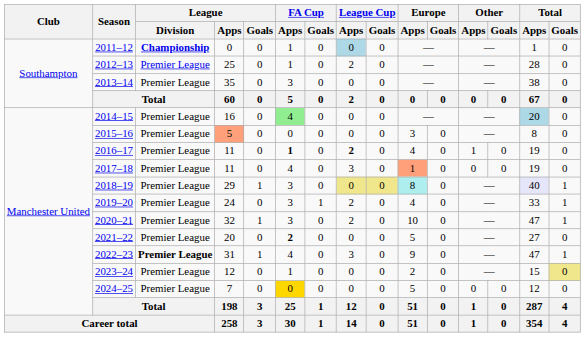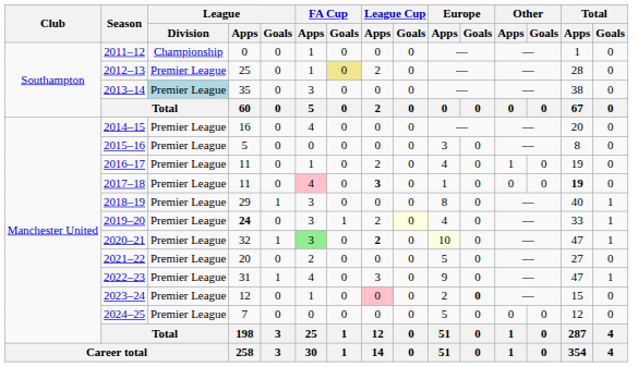 <table class="wikitable" style="text-align: center;">
 <tr>
 <th rowspan="2">Club</th>
 <th rowspan="2">Season</th>
 <th colspan="3">League</th>
 <th colspan="2"><a href='#'>FA Cup</a></th>
 <th colspan="2"><a href='#'>League Cup</a></th>
 <th colspan="2">Europe</th>
 <th colspan="2">Other</th>
 <th colspan="2">Total</th>
 </tr>
 <tr>
 <th>Division</th>
 <th>Apps</th>
 <th>Goals</th>
 <th>Apps</th>
 <th>Goals</th>
 <th>Apps</th>
 <th>Goals</th>
 <th>Apps</th>
 <th>Goals</th>
 <th>Apps</th>
 <th>Goals</th>
 <th>Apps</th>
 <th>Goals</th>
 </tr>
 <tr>
 <td rowspan="4"><a href='#'>Southampton</a></td>
 <td><a href='#'>2011–12</a></td>
-<td><strong><a href='#'>Championship</a></strong></td>
+<td><a href='#'>Championship</a></td>
 <td>0</td>
 <td>0</td>
 <td>1</td>
 <td>0</td>
-<td style="background: lightblue;">0</td>
+<td>0</td>
 <td>0</td>
 <td colspan="2">—</td>
 <td colspan="2">—</td>
 <td>1</td>
 <td>0</td>
 </tr>
 <tr>
 <td><a href='#'>2012–13</a></td>
 <td><a href='#'>Premier League</a></td>
 <td>25</td>
 <td>0</td>
 <td>1</td>
-<td>0</td>
+<td style="background: khaki;">0</td>
 <td>2</td>
 <td>0</td>
 <td colspan="2">—</td>
 <td colspan="2">—</td>
 <td>28</td>
 <td>0</td>
 </tr>
 <tr>
 <td><a href='#'>2013–14</a></td>
-<td>Premier League</td>
+<td style="background: lightblue;">Premier League</td>
 <td>35</td>
 <td>0</td>
 <td>3</td>
 <td>0</td>
 <td>0</td>
 <td>0</td>
 <td colspan="2">—</td>
 <td colspan="2">—</td>
 <td>38</td>
 <td>0</td>
 </tr>
 <tr>
 <th colspan="2">Total</th>
 <th>60</th>
 <th>0</th>
 <th>5</th>
 <th>0</th>
 <th>2</th>
 <th>0</th>
 <th>0</th>
 <th>0</th>
 <th>0</th>
 <th>0</th>
 <th>67</th>
 <th>0</th>
 </tr>
 <tr>
 <td rowspan="12"><a href='#'>Manchester United</a></td>
 <td><a href='#'>2014–15</a></td>
 <td>Premier League</td>
 <td>16</td>
 <td>0</td>
-<td style="background: lightgreen;">4</td>
+<td>4</td>
 <td>0</td>
 <td>0</td>
 <td>0</td>
 <td colspan="2">—</td>
 <td colspan="2">—</td>
-<td style="background: lightblue;">20</td>
+<td>20</td>
 <td>0</td>
 </tr>
 <tr>
 <td><a href='#'>2015–16</a></td>
 <td>Premier League</td>
-<td style="background: lightsalmon;">5</td>
+<td>5</td>
 <td>0</td>
 <td>0</td>
 <td>0</td>
 <td>0</td>
 <td>0</td>
 <td>3</td>
 <td>0</td>
 <td colspan="2">—</td>
 <td>8</td>
 <td>0</td>
 </tr>
 <tr>
 <td><a href='#'>2016–17</a></td>
 <td>Premier League</td>
 <td>11</td>
 <td>0</td>
-<td><strong>1</strong></td>
+<td>1</td>
 <td>0</td>
-<td><strong>2</strong></td>
+<td>2</td>
 <td>0</td>
 <td>4</td>
 <td>0</td>
 <td>1</td>
 <td>0</td>
 <td>19</td>
 <td>0</td>
 </tr>
 <tr>
 <td><a href='#'>2017–18</a></td>
 <td>Premier League</td>
 <td>11</td>
 <td>0</td>
-<td>4</td>
+<td style="background: pink;">4</td>
 <td>0</td>
-<td>3</td>
+<td><strong>3</strong></td>
 <td>0</td>
-<td style="background: lightsalmon;">1</td>
+<td>1</td>
 <td>0</td>
 <td>0</td>
 <td>0</td>
-<td>19</td>
+<td><strong>19</strong></td>
 <td>0</td>
 </tr>
 <tr>
 <td><a href='#'>2018–19</a></td>
 <td>Premier League</td>
 <td>29</td>
 <td>1</td>
 <td>3</td>
 <td>0</td>
-<td style="background: khaki;">0</td>
-<td style="background: khaki;">0</td>
-<td style="background: paleturquoise;">8</td>
+<td>0</td>
+<td>0</td>
+<td>8</td>
 <td>0</td>
 <td colspan="2">—</td>
-<td style="background: lavender;">40</td>
+<td>40</td>
 <td>1</td>
 </tr>
 <tr>
 <td><a href='#'>2019–20</a></td>
 <td>Premier League</td>
-<td>24</td>
+<td><strong>24</strong></td>
 <td>0</td>
 <td>3</td>
 <td>1</td>
 <td>2</td>
-<td>0</td>
+<td style="background: lightyellow;">0</td>
 <td>4</td>
 <td>0</td>
 <td colspan="2">—</td>
 <td>33</td>
 <td>1</td>
 </tr>
 <tr>
 <td><a href='#'>2020–21</a></td>
 <td>Premier League</td>
 <td>32</td>
 <td>1</td>
-<td>3</td>
+<td style="background: lightgreen;">3</td>
 <td>0</td>
-<td>2</td>
+<td><strong>2</strong></td>
 <td>0</td>
-<td>10</td>
+<td style="background: lightyellow;">10</td>
 <td>0</td>
 <td colspan="2">—</td>
 <td>47</td>
 <td>1</td>
 </tr>
 <tr>
 <td><a href='#'>2021–22</a></td>
 <td>Premier League</td>
 <td>20</td>
 <td>0</td>
-<td><strong>2</strong></td>
+<td>2</td>
 <td>0</td>
 <td>0</td>
 <td>0</td>
 <td>5</td>
 <td>0</td>
 <td colspan="2">—</td>
 <td>27</td>
 <td>0</td>
 </tr>
 <tr>
 <td><a href='#'>2022–23</a></td>
-<td><strong>Premier League</strong></td>
+<td>Premier League</td>
 <td>31</td>
 <td>1</td>
 <td>4</td>
 <td>0</td>
 <td>3</td>
 <td>0</td>
 <td>9</td>
 <td>0</td>
 <td colspan="2">—</td>
 <td>47</td>
 <td>1</td>
 </tr>
 <tr>
 <td><a href='#'>2023–24</a></td>
 <td>Premier League</td>
 <td>12</td>
 <td>0</td>
 <td>1</td>
 <td>0</td>
-<td>0</td>
+<td style="background: pink;">0</td>
 <td>0</td>
 <td>2</td>
-<td>0</td>
+<td><strong>0</strong></td>
 <td colspan="2">—</td>
 <td>15</td>
-<td style="background: khaki;">0</td>
+<td>0</td>
 </tr>
 <tr>
 <td><a href='#'>2024–25</a></td>
 <td>Premier League</td>
 <td>7</td>
 <td>0</td>
-<td style="background: gold;">0</td>
+<td>0</td>
 <td>0</td>
 <td>0</td>
 <td>0</td>
 <td>5</td>
 <td>0</td>
 <td>0</td>
 <td>0</td>
 <td>12</td>
 <td>0</td>
 </tr>
 <tr>
 <th colspan="2">Total</th>
 <th>198</th>
 <th>3</th>
 <th>25</th>
 <th>1</th>
 <th>12</th>
 <th>0</th>
 <th>51</th>
 <th>0</th>
 <th>1</th>
 <th>0</th>
 <th>287</th>
 <th>4</th>
 </tr>
 <tr>
 <th colspan="3">Career total</th>
 <th>258</th>
 <th>3</th>
 <th>30</th>
 <th>1</th>
 <th>14</th>
 <th>0</th>
 <th>51</th>
 <th>0</th>
 <th>1</th>
 <th>0</th>
 <th>354</th>
 <th>4</th>
 </tr>
 </table>
